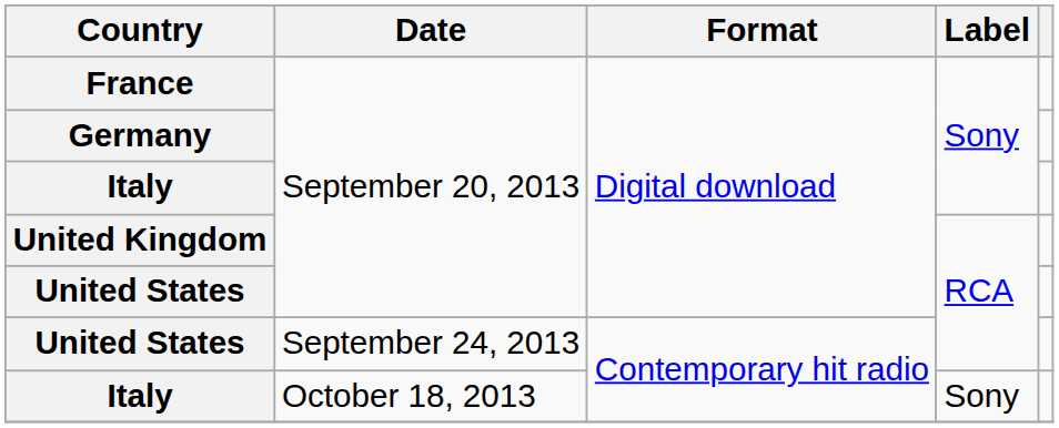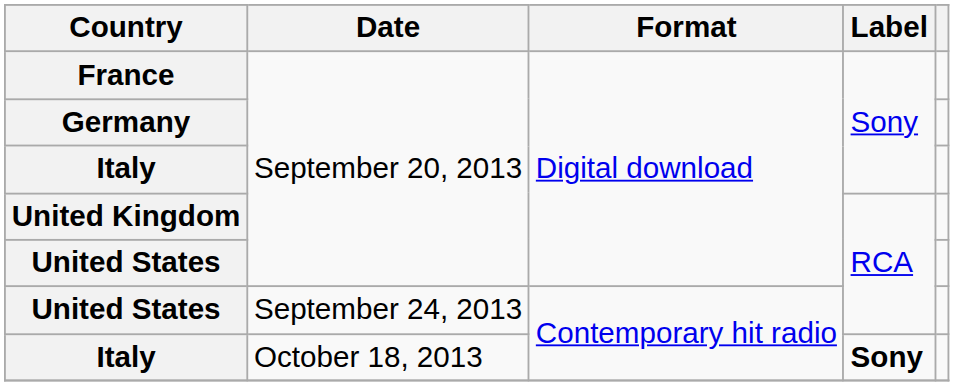 <table class="wikitable plainrowheaders">
 <tr>
 <th>Country</th>
 <th>Date</th>
 <th>Format</th>
 <th>Label</th>
 <th></th>
 </tr>
 <tr>
 <th scope="row">France</th>
 <td rowspan="5">September 20, 2013</td>
 <td rowspan="5"><a href='#'>Digital download</a></td>
 <td rowspan="3"><a href='#'>Sony</a></td>
 <td></td>
 </tr>
 <tr>
 <th scope="row">Germany</th>
 <td></td>
 </tr>
 <tr>
 <th scope="row">Italy</th>
 <td></td>
 </tr>
 <tr>
 <th scope="row">United Kingdom</th>
 <td rowspan="3"><a href='#'>RCA</a></td>
 <td></td>
 </tr>
 <tr>
 <th scope="row">United States</th>
 <td></td>
 </tr>
 <tr>
 <th scope="row">United States</th>
 <td>September 24, 2013</td>
 <td rowspan="2"><a href='#'>Contemporary hit radio</a></td>
 <td></td>
 </tr>
 <tr>
 <th scope="row">Italy</th>
 <td>October 18, 2013</td>
-<td>Sony</td>
+<td><strong>Sony</strong></td>
 <td></td>
 </tr>
 <tr>
 </tr>
 </table>
